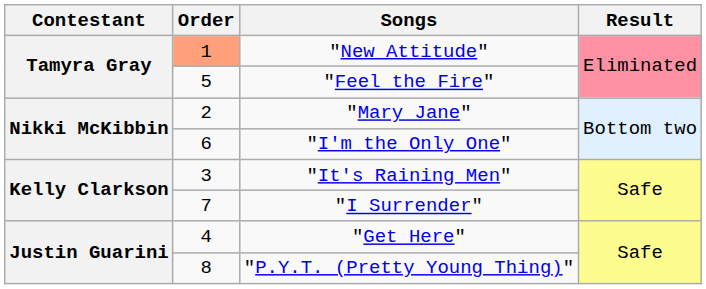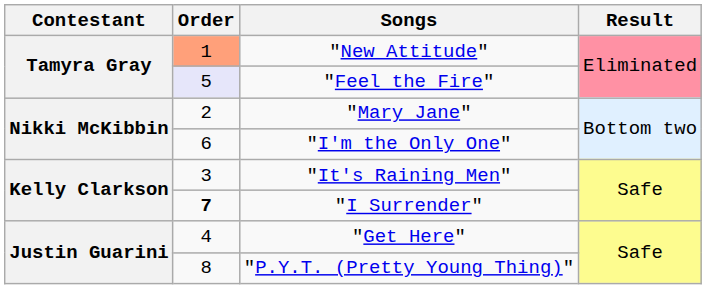 <table class="wikitable unsortable" style="text-align:center;">
 <tr>
 <th scope="col">Contestant</th>
 <th scope="col">Order</th>
 <th scope="col">Songs</th>
 <th scope="col">Result</th>
 </tr>
 <tr>
 <th rowspan="2" scope="row">Tamyra Gray</th>
 <td style="background: lightsalmon;">1</td>
 <td>"<a href='#'>New Attitude</a>"</td>
 <td rowspan="2" bgcolor="FF91A4">Eliminated</td>
 </tr>
 <tr>
-<td>5</td>
+<td style="background: lavender;">5</td>
 <td>"<a href='#'>Feel the Fire</a>"</td>
 </tr>
 <tr>
 <th rowspan="2" scope="row">Nikki McKibbin</th>
 <td>2</td>
 <td>"<a href='#'>Mary Jane</a>"</td>
 <td rowspan="2" style="background:#E0F0FF;">Bottom two</td>
 </tr>
 <tr>
 <td>6</td>
 <td>"<a href='#'>I'm the Only One</a>"</td>
 </tr>
 <tr>
 <th rowspan="2" scope="row">Kelly Clarkson</th>
 <td>3</td>
 <td>"<a href='#'>It's Raining Men</a>"</td>
 <td rowspan="2" style="background:#FDFC8F;">Safe</td>
 </tr>
 <tr>
-<td>7</td>
+<td><strong>7</strong></td>
 <td>"<a href='#'>I Surrender</a>"</td>
 </tr>
 <tr>
 <th rowspan="2" scope="row">Justin Guarini</th>
 <td>4</td>
 <td>"<a href='#'>Get Here</a>"</td>
 <td rowspan="2" style="background:#FDFC8F;">Safe</td>
 </tr>
 <tr>
 <td>8</td>
 <td>"<a href='#'>P.Y.T. (Pretty Young Thing)</a>"</td>
 </tr>
 </table>
